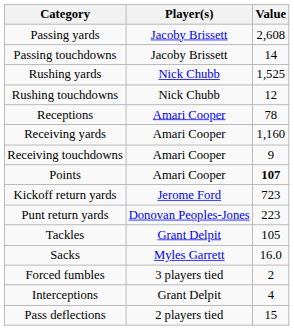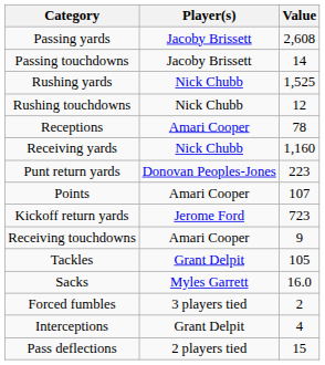 <table class="wikitable" style="text-align:center">
 <tr>
 <th>Category</th>
 <th>Player(s)</th>
 <th>Value</th>
 </tr>
 <tr>
 <td>Passing yards</td>
 <td><a href='#'>Jacoby Brissett</a></td>
 <td>2,608</td>
 </tr>
 <tr>
 <td>Passing touchdowns</td>
 <td>Jacoby Brissett</td>
 <td>14</td>
 </tr>
 <tr>
 <td>Rushing yards</td>
 <td><a href='#'>Nick Chubb</a></td>
 <td>1,525</td>
 </tr>
 <tr>
 <td>Rushing touchdowns</td>
 <td>Nick Chubb</td>
 <td>12</td>
 </tr>
 <tr>
 <td>Receptions</td>
 <td><a href='#'>Amari Cooper</a></td>
 <td>78</td>
 </tr>
 <tr>
 <td>Receiving yards</td>
-<td>Amari Cooper</td>
+<td><a href='#'>Nick Chubb</a></td>
 <td>1,160</td>
 </tr>
 <tr>
-<td>Receiving touchdowns</td>
-<td>Amari Cooper</td>
-<td>9</td>
+<td>Punt return yards</td>
+<td><a href='#'>Donovan Peoples-Jones</a></td>
+<td>223</td>
 </tr>
 <tr>
 <td>Points</td>
 <td>Amari Cooper</td>
-<td><strong>107</strong></td>
+<td>107</td>
 </tr>
 <tr>
 <td>Kickoff return yards</td>
 <td><a href='#'>Jerome Ford</a></td>
 <td>723</td>
 </tr>
 <tr>
-<td>Punt return yards</td>
-<td><a href='#'>Donovan Peoples-Jones</a></td>
-<td>223</td>
+<td>Receiving touchdowns</td>
+<td>Amari Cooper</td>
+<td>9</td>
 </tr>
 <tr>
 <td>Tackles</td>
 <td><a href='#'>Grant Delpit</a></td>
 <td>105</td>
 </tr>
 <tr>
 <td>Sacks</td>
 <td><a href='#'>Myles Garrett</a></td>
 <td>16.0</td>
 </tr>
 <tr>
 <td>Forced fumbles</td>
 <td>3 players tied</td>
 <td>2</td>
 </tr>
 <tr>
 <td>Interceptions</td>
 <td>Grant Delpit</td>
 <td>4</td>
 </tr>
 <tr>
 <td>Pass deflections</td>
 <td>2 players tied</td>
 <td>15</td>
 </tr>
 </table>
